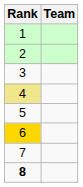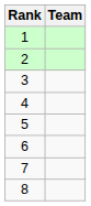 <table class=wikitable style="text-align:center;">
 <tr>
 <th>Rank</th>
 <th>Team</th>
 </tr>
 <tr style="background:#CCFFCC;">
 <td>1</td>
 <td align=left><strong></strong></td>
 </tr>
 <tr style="background:#CCFFCC;">
 <td>2</td>
 <td align=left><strong></strong></td>
 </tr>
 <tr>
 <td>3</td>
 <td align=left></td>
 </tr>
 <tr>
-<td style="background: khaki;">4</td>
+<td>4</td>
 <td align=left></td>
 </tr>
 <tr>
 <td>5</td>
 <td align=left></td>
 </tr>
 <tr>
-<td style="background: gold;">6</td>
+<td>6</td>
 <td align=left></td>
 </tr>
 <tr>
 <td>7</td>
 <td align=left></td>
 </tr>
 <tr>
-<td><strong>8</strong></td>
+<td>8</td>
 <td align=left></td>
 </tr>
 </table>
